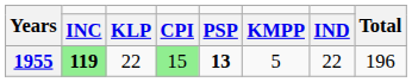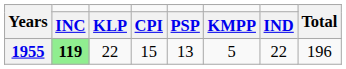 <table class="wikitable" style="text-align:center">
 <tr>
 <th rowspan="2">Years</th>
 <td></td>
 <td></td>
 <td></td>
 <td></td>
 <td></td>
 <td></td>
 <th rowspan="2">Total</th>
 </tr>
 <tr>
 <th><a href='#'>INC</a></th>
 <th><a href='#'>KLP</a></th>
 <th><a href='#'>CPI</a></th>
 <th><a href='#'>PSP</a></th>
 <th><a href='#'>KMPP</a></th>
 <th><a href='#'>IND</a></th>
 </tr>
 <tr>
 <th><a href='#'>1955</a></th>
 <td bgcolor="lightgreen"><strong>119</strong></td>
 <td>22</td>
-<td style="background: lightgreen;">15</td>
-<td><strong>13</strong></td>
+<td>15</td>
+<td>13</td>
 <td>5</td>
 <td>22</td>
 <td>196</td>
 </tr>
 </table>
